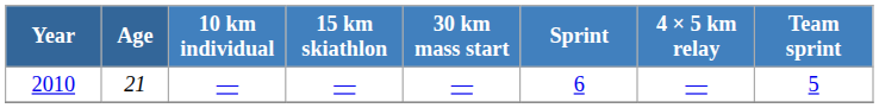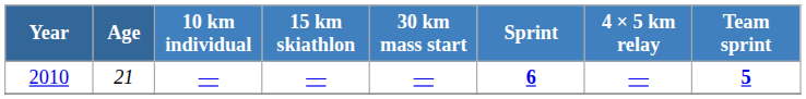 <table class="wikitable" style="font-size:95%; text-align:center; border:grey solid 1px; border-collapse:collapse; background:#ffffff;">
 <tr>
 <th style="background-color:#369; color:white; width:60px;"> Year </th>
 <th style="background-color:#369; color:white; width:40px;"> Age </th>
 <th style="background-color:#4180be; color:white; width:75px;"> 10 km <br> individual </th>
 <th style="background-color:#4180be; color:white; width:75px;"> 15 km <br> skiathlon </th>
 <th style="background-color:#4180be; color:white; width:75px;"> 30 km <br> mass start </th>
 <th style="background-color:#4180be; color:white; width:75px;"> Sprint </th>
 <th style="background-color:#4180be; color:white; width:75px;"> 4 × 5 km <br> relay </th>
 <th style="background-color:#4180be; color:white; width:75px;"> Team <br> sprint </th>
 </tr>
 <tr>
 <td><a href='#'>2010</a></td>
 <td><em>21</em></td>
 <td><a href='#'>—</a></td>
 <td><a href='#'>—</a></td>
 <td><a href='#'>—</a></td>
-<td><a href='#'>6</a></td>
+<td><strong><a href='#'>6</a></strong></td>
 <td><a href='#'>—</a></td>
-<td><a href='#'>5</a></td>
+<td><strong><a href='#'>5</a></strong></td>
 </tr>
 <tr>
 </tr>
 </table>
